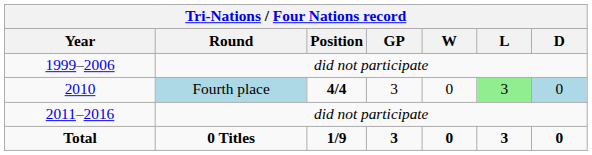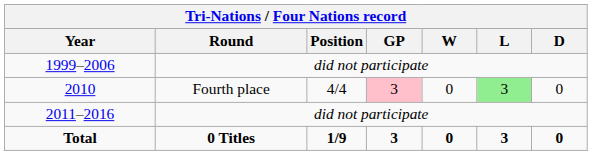 <table class="wikitable" style="text-align: center;">
 <tr>
 <th colspan=9><a href='#'>Tri-Nations</a> / <a href='#'>Four Nations record</a></th>
 </tr>
 <tr>
 <th width=150>Year</th>
 <th width=150>Round</th>
 <th width=50>Position</th>
 <th width=50>GP</th>
 <th width=50>W</th>
 <th width=50>L</th>
 <th width=50>D</th>
 </tr>
 <tr>
 <td><a href='#'>1999</a>–<a href='#'>2006</a></td>
 <td colspan="6"><em>did not participate</em></td>
 </tr>
 <tr>
 <td> <a href='#'>2010</a></td>
-<td style="background: lightblue;">Fourth place</td>
-<td><strong>4/4</strong></td>
-<td>3</td>
+<td>Fourth place</td>
+<td>4/4</td>
+<td style="background: pink;">3</td>
 <td>0</td>
 <td style="background: lightgreen;">3</td>
-<td style="background: lightblue;">0</td>
+<td>0</td>
 </tr>
 <tr>
 <td><a href='#'>2011</a>–<a href='#'>2016</a></td>
 <td colspan="6"><em>did not participate</em></td>
 </tr>
 <tr>
 <td><strong>Total</strong></td>
 <td><strong>0 Titles</strong></td>
 <td><strong>1/9</strong></td>
 <td><strong>3</strong></td>
 <td><strong>0</strong></td>
 <td><strong>3</strong></td>
 <td><strong>0</strong></td>
 </tr>
 </table>
